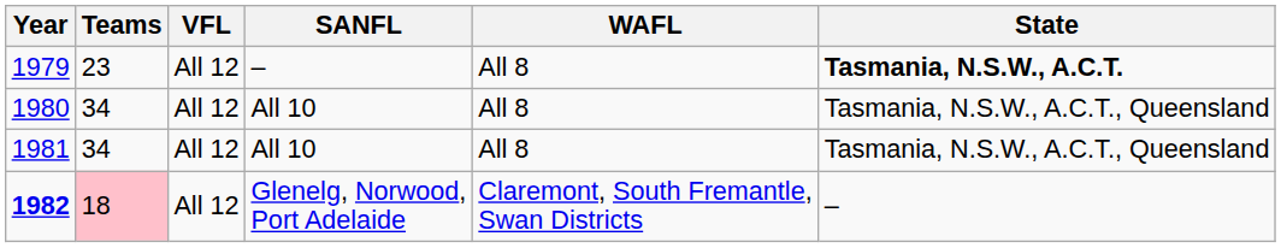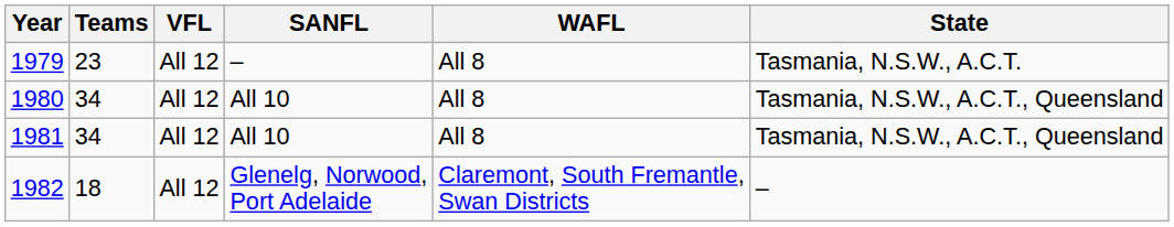 <table class="wikitable">
 <tr>
 <th>Year</th>
 <th>Teams</th>
 <th>VFL</th>
 <th>SANFL</th>
 <th>WAFL</th>
 <th>State</th>
 </tr>
 <tr>
 <td><a href='#'>1979</a></td>
 <td>23</td>
 <td>All 12</td>
 <td>–</td>
 <td>All 8</td>
-<td><strong>Tasmania, N.S.W., A.C.T.</strong></td>
+<td>Tasmania, N.S.W., A.C.T.</td>
 </tr>
 <tr>
 <td><a href='#'>1980</a></td>
 <td>34</td>
 <td>All 12</td>
 <td>All 10</td>
 <td>All 8</td>
 <td>Tasmania, N.S.W., A.C.T., Queensland</td>
 </tr>
 <tr>
 <td><a href='#'>1981</a></td>
 <td>34</td>
 <td>All 12</td>
 <td>All 10</td>
 <td>All 8</td>
 <td>Tasmania, N.S.W., A.C.T., Queensland</td>
 </tr>
 <tr>
-<td><strong><a href='#'>1982</a></strong></td>
-<td style="background: pink;">18</td>
+<td><a href='#'>1982</a></td>
+<td>18</td>
 <td>All 12</td>
 <td><a href='#'>Glenelg</a>, <a href='#'>Norwood</a>,<br><a href='#'>Port Adelaide</a></td>
 <td><a href='#'>Claremont</a>, <a href='#'>South Fremantle</a>,<br><a href='#'>Swan Districts</a></td>
 <td>–</td>
 </tr>
 </table>
